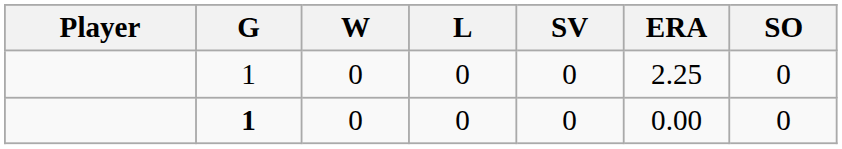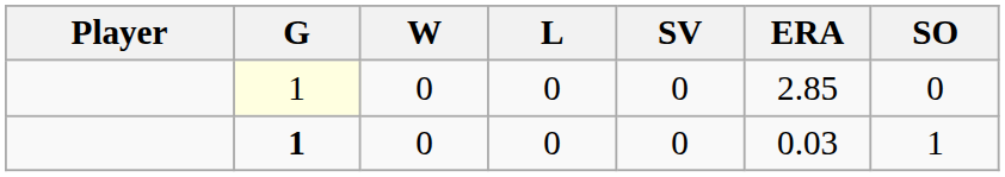 <table class="wikitable sortable">
 <tr>
 <th bgcolor="#DDDDFF" width="16%">Player</th>
 <th bgcolor="#DDDDFF" width="9%">G</th>
 <th bgcolor="#DDDDFF" width="9%">W</th>
 <th bgcolor="#DDDDFF" width="9%">L</th>
 <th bgcolor="#DDDDFF" width="9%">SV</th>
 <th bgcolor="#DDDDFF" width="9%">ERA</th>
 <th bgcolor="#DDDDFF" width="9%">SO</th>
 </tr>
 <tr align="center">
 <td></td>
-<td>1</td>
+<td style="background: lightyellow;">1</td>
 <td>0</td>
 <td>0</td>
 <td>0</td>
-<td>2.25</td>
+<td>2.85</td>
 <td>0</td>
 </tr>
 <tr align="center">
 <td></td>
 <td><strong>1</strong></td>
 <td>0</td>
 <td>0</td>
 <td>0</td>
-<td>0.00</td>
-<td>0</td>
+<td>0.03</td>
+<td>1</td>
 </tr>
 </table>
